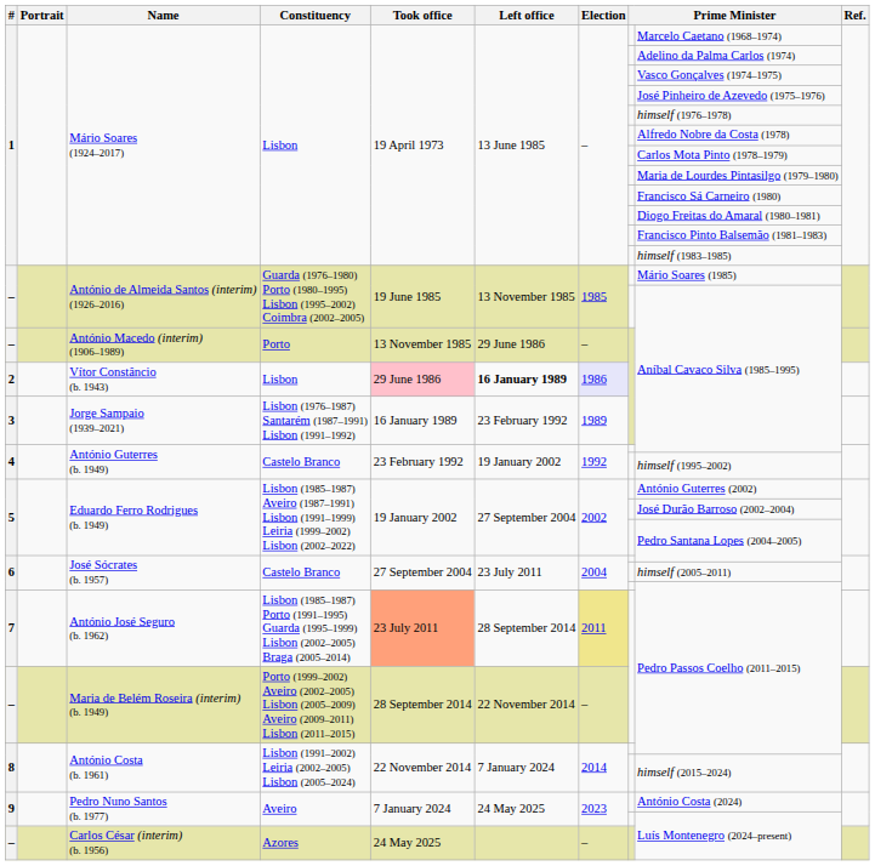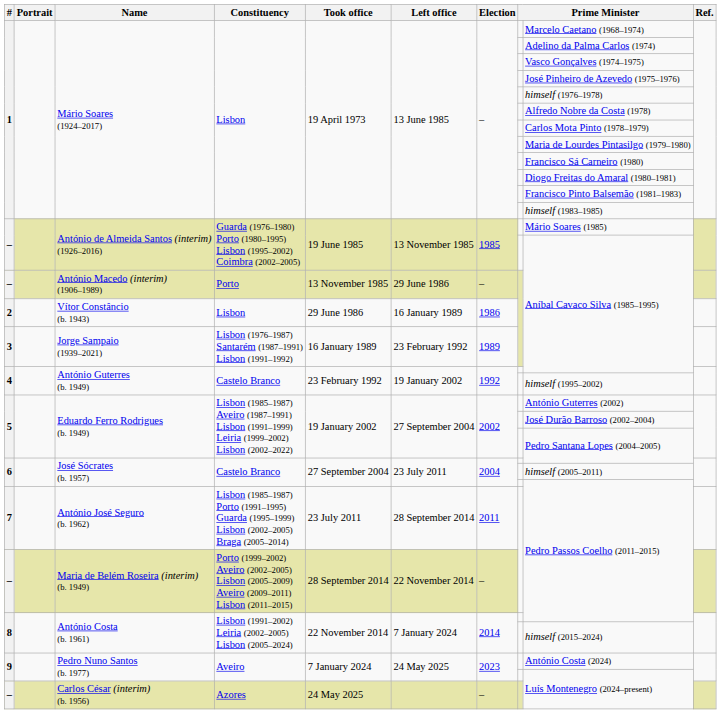 <table class="wikitable">
 <tr>
 <th>#</th>
 <th>Portrait</th>
 <th>Name</th>
 <th>Constituency</th>
 <th>Took office</th>
 <th>Left office</th>
 <th>Election</th>
 <th colspan="2">Prime Minister</th>
 <th>Ref.</th>
 </tr>
 <tr>
 <th rowspan="12">1</th>
 <td rowspan="12"></td>
 <td rowspan="12"><a href='#'>Mário Soares</a><br><small>(1924–2017)</small></td>
 <td rowspan="12"><a href='#'>Lisbon</a></td>
 <td rowspan="12">19 April 1973</td>
 <td rowspan="12">13 June 1985</td>
 <td rowspan="12">–</td>
 <td style="background-color: "></td>
 <td><a href='#'>Marcelo Caetano</a> <small>(1968–1974)</small></td>
 <td rowspan="12"></td>
 </tr>
 <tr>
 <td style="background-color: "></td>
 <td><a href='#'>Adelino da Palma Carlos</a> <small>(1974)</small></td>
 </tr>
 <tr>
 <td style="background-color: "></td>
 <td><a href='#'>Vasco Gonçalves</a> <small>(1974–1975)</small></td>
 </tr>
 <tr>
 <td style="background-color: "></td>
 <td><a href='#'>José Pinheiro de Azevedo</a> <small>(1975–1976)</small></td>
 </tr>
 <tr>
 <td style="background-color: "></td>
 <td><em>himself</em> <small>(1976–1978)</small></td>
 </tr>
 <tr>
 <td style="background-color: "></td>
 <td><a href='#'>Alfredo Nobre da Costa</a> <small>(1978)</small></td>
 </tr>
 <tr>
 <td style="background-color: "></td>
 <td><a href='#'>Carlos Mota Pinto</a> <small>(1978–1979)</small></td>
 </tr>
 <tr>
 <td style="background-color: "></td>
 <td><a href='#'>Maria de Lourdes Pintasilgo</a> <small>(1979–1980)</small></td>
 </tr>
 <tr>
 <td style="background-color: "></td>
 <td><a href='#'>Francisco Sá Carneiro</a> <small>(1980)</small></td>
 </tr>
 <tr>
 <td style="background-color: "></td>
 <td><a href='#'>Diogo Freitas do Amaral</a> <small>(1980–1981)</small></td>
 </tr>
 <tr>
 <td style="background-color: "></td>
 <td><a href='#'>Francisco Pinto Balsemão</a> <small>(1981–1983)</small></td>
 </tr>
 <tr>
 <td style="background-color: "></td>
 <td><em>himself</em> <small>(1983–1985)</small></td>
 </tr>
 <tr>
 <th rowspan="2">–</th>
 <td style="background-color: #E6E6AA" rowspan="2"></td>
 <td style="background-color: #E6E6AA" rowspan="2"><a href='#'>António de Almeida Santos</a> <em>(interim)</em><br><small>(1926–2016)</small></td>
 <td style="background-color: #E6E6AA" rowspan="2"><a href='#'>Guarda</a> <small>(1976–1980)</small><br><a href='#'>Porto</a> <small>(1980–1995)</small><br><a href='#'>Lisbon</a> <small>(1995–2002)</small><br><a href='#'>Coimbra</a> <small>(2002–2005)</small></td>
 <td style="background-color: #E6E6AA" rowspan="2">19 June 1985</td>
 <td style="background-color: #E6E6AA" rowspan="2">13 November 1985</td>
 <td style="background-color: #E6E6AA" rowspan="2"><a href='#'>1985</a></td>
 <td style="background-color: "></td>
 <td><a href='#'>Mário Soares</a> <small>(1985)</small></td>
 <td style="background-color: #E6E6AA" rowspan="2"></td>
 </tr>
 <tr>
 <td style="background-color: "></td>
 <td rowspan="5"><a href='#'>Aníbal Cavaco Silva</a> <small>(1985–1995)</small></td>
 </tr>
 <tr style="background-color: #E6E6AA" |>
 <th>–</th>
 <td></td>
 <td><a href='#'>António Macedo</a> <em>(interim)</em><br><small>(1906–1989)</small></td>
 <td><a href='#'>Porto</a></td>
 <td>13 November 1985</td>
 <td>29 June 1986</td>
 <td>–</td>
 <td rowspan="3" style="background-color: "></td>
 <td></td>
 </tr>
 <tr>
 <th>2</th>
 <td></td>
 <td><a href='#'>Vítor Constâncio</a><br><small>(b. 1943)</small></td>
 <td><a href='#'>Lisbon</a></td>
-<td style="background: pink;">29 June 1986</td>
-<td><strong>16 January 1989</strong></td>
-<td style="background: lavender;"><a href='#'>1986</a></td>
+<td>29 June 1986</td>
+<td>16 January 1989</td>
+<td><a href='#'>1986</a></td>
 <td></td>
 </tr>
 <tr>
 <th>3</th>
 <td></td>
 <td><a href='#'>Jorge Sampaio</a><br><small>(1939–2021)</small></td>
 <td><a href='#'>Lisbon</a> <small>(1976–1987)</small><br><a href='#'>Santarém</a> <small>(1987–1991)</small><br><a href='#'>Lisbon</a> <small>(1991–1992)</small></td>
 <td>16 January 1989</td>
 <td>23 February 1992</td>
 <td><a href='#'>1989</a></td>
 <td></td>
 </tr>
 <tr>
 <th rowspan="2">4</th>
 <td rowspan="2"></td>
 <td rowspan="2"><a href='#'>António Guterres</a><br><small>(b. 1949)</small></td>
 <td rowspan="2"><a href='#'>Castelo Branco</a></td>
 <td rowspan="2">23 February 1992</td>
 <td rowspan="2">19 January 2002</td>
 <td rowspan="2"><a href='#'>1992</a></td>
 <td style="background-color: "></td>
 <td rowspan="2"></td>
 </tr>
 <tr>
 <td style="background-color: "></td>
 <td><em>himself</em> <small>(1995–2002)</small></td>
 </tr>
 <tr>
 <th rowspan="3">5</th>
 <td rowspan="3"></td>
 <td rowspan="3"><a href='#'>Eduardo Ferro Rodrigues</a><br><small>(b. 1949)</small></td>
 <td rowspan="3"><a href='#'>Lisbon</a> <small>(1985–1987)</small><br><a href='#'>Aveiro</a> <small>(1987–1991)</small><br><a href='#'>Lisbon</a> <small>(1991–1999)</small><br><a href='#'>Leiria</a> <small>(1999–2002)</small><br><a href='#'>Lisbon</a> <small>(2002–2022)</small></td>
 <td rowspan="3">19 January 2002</td>
 <td rowspan="3">27 September 2004</td>
 <td rowspan="3"><a href='#'>2002</a></td>
 <td style="background-color: "></td>
 <td><a href='#'>António Guterres</a> <small>(2002)</small></td>
 <td rowspan="3"></td>
 </tr>
 <tr>
 <td style="background-color: "></td>
 <td><a href='#'>José Durão Barroso</a> <small>(2002–2004)</small></td>
 </tr>
 <tr>
 <td style="background-color: "></td>
 <td rowspan="2"><a href='#'>Pedro Santana Lopes</a> <small>(2004–2005)</small></td>
 </tr>
 <tr>
 <th rowspan="3">6</th>
 <td rowspan="3"></td>
 <td rowspan="3"><a href='#'>José Sócrates</a><br><small>(b. 1957)</small></td>
 <td rowspan="3"><a href='#'>Castelo Branco</a></td>
 <td rowspan="3">27 September 2004</td>
 <td rowspan="3">23 July 2011</td>
 <td rowspan="3"><a href='#'>2004</a></td>
 <td style="background-color: "></td>
 <td rowspan="3"></td>
 </tr>
 <tr>
 <td style="background-color: "></td>
 <td><em>himself</em> <small>(2005–2011)</small></td>
 </tr>
 <tr>
 <td style="background-color: "></td>
 <td rowspan="4"><a href='#'>Pedro Passos Coelho</a> <small>(2011–2015)</small></td>
 </tr>
 <tr>
 <th>7</th>
 <td></td>
 <td><a href='#'>António José Seguro</a><br><small>(b. 1962)</small></td>
 <td><a href='#'>Lisbon</a> <small>(1985–1987)</small><br><a href='#'>Porto</a> <small>(1991–1995)</small><br><a href='#'>Guarda</a> <small>(1995–1999)</small><br><a href='#'>Lisbon</a> <small>(2002–2005)</small><br><a href='#'>Braga</a> <small>(2005–2014)</small></td>
-<td style="background: lightsalmon;">23 July 2011</td>
+<td>23 July 2011</td>
 <td>28 September 2014</td>
-<td style="background: khaki;"><a href='#'>2011</a></td>
+<td><a href='#'>2011</a></td>
 <td rowspan="2" style="background-color: "></td>
 <td></td>
 </tr>
 <tr style="background-color: #E6E6AA" |>
 <th>–</th>
 <td></td>
 <td><a href='#'>Maria de Belém Roseira</a> <em>(interim)</em><br><small>(b. 1949)</small></td>
 <td><a href='#'>Porto</a> <small>(1999–2002)</small><br><a href='#'>Aveiro</a> <small>(2002–2005)</small><br><a href='#'>Lisbon</a> <small>(2005–2009)</small><br><a href='#'>Aveiro</a> <small>(2009–2011)</small><br><a href='#'>Lisbon</a> <small>(2011–2015)</small></td>
 <td>28 September 2014</td>
 <td>22 November 2014</td>
 <td>–</td>
 <td></td>
 </tr>
 <tr>
 <th rowspan="2">8</th>
 <td rowspan="2"></td>
 <td rowspan="2"><a href='#'>António Costa</a><br><small>(b. 1961)</small></td>
 <td rowspan="2"><a href='#'>Lisbon</a> <small>(1991–2002)</small><br><a href='#'>Leiria</a> <small>(2002–2005)</small><br><a href='#'>Lisbon</a> <small>(2005–2024)</small></td>
 <td rowspan="2">22 November 2014</td>
 <td rowspan="2">7 January 2024</td>
 <td rowspan="2"><a href='#'>2014</a></td>
 <td style="background-color: "></td>
 <td rowspan="2"></td>
 </tr>
 <tr>
 <td style="background-color: "></td>
 <td><em>himself</em> <small>(2015–2024)</small></td>
 </tr>
 <tr>
 <th rowspan="2">9</th>
 <td rowspan="2"></td>
 <td rowspan="2"><a href='#'>Pedro Nuno Santos</a><br><small>(b. 1977)</small></td>
 <td rowspan="2"><a href='#'>Aveiro</a></td>
 <td rowspan="2">7 January 2024</td>
 <td rowspan="2">24 May 2025</td>
 <td rowspan="2"><a href='#'>2023</a></td>
 <td style="background-color: "></td>
 <td><a href='#'>António Costa</a> <small>(2024)</small></td>
 <td rowspan="2"></td>
 </tr>
 <tr>
 <td style="background-color: "></td>
 <td rowspan="2"><a href='#'>Luís Montenegro</a> <small>(2024–present)</small></td>
 </tr>
 <tr style="background-color: #E6E6AA" |>
 <th>–</th>
 <td></td>
 <td><a href='#'>Carlos César</a> <em>(interim)</em><br><small>(b. 1956)</small></td>
 <td><a href='#'>Azores</a></td>
 <td>24 May 2025</td>
 <td></td>
 <td>–</td>
 <td style="background-color: "></td>
 <td></td>
 </tr>
 </table>
